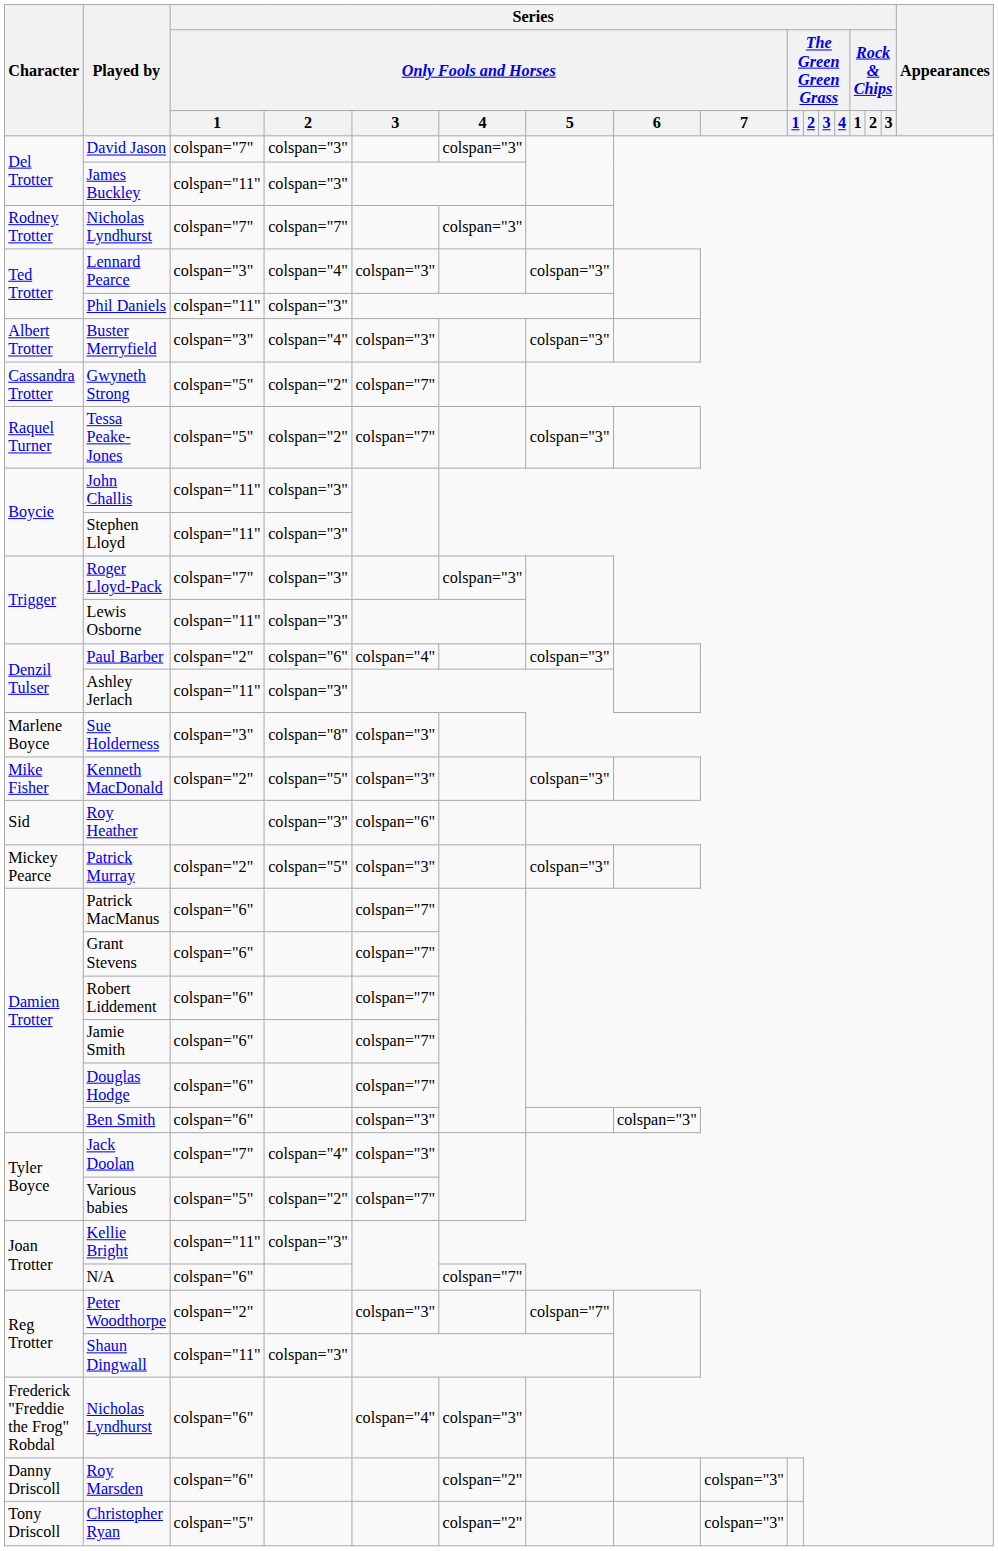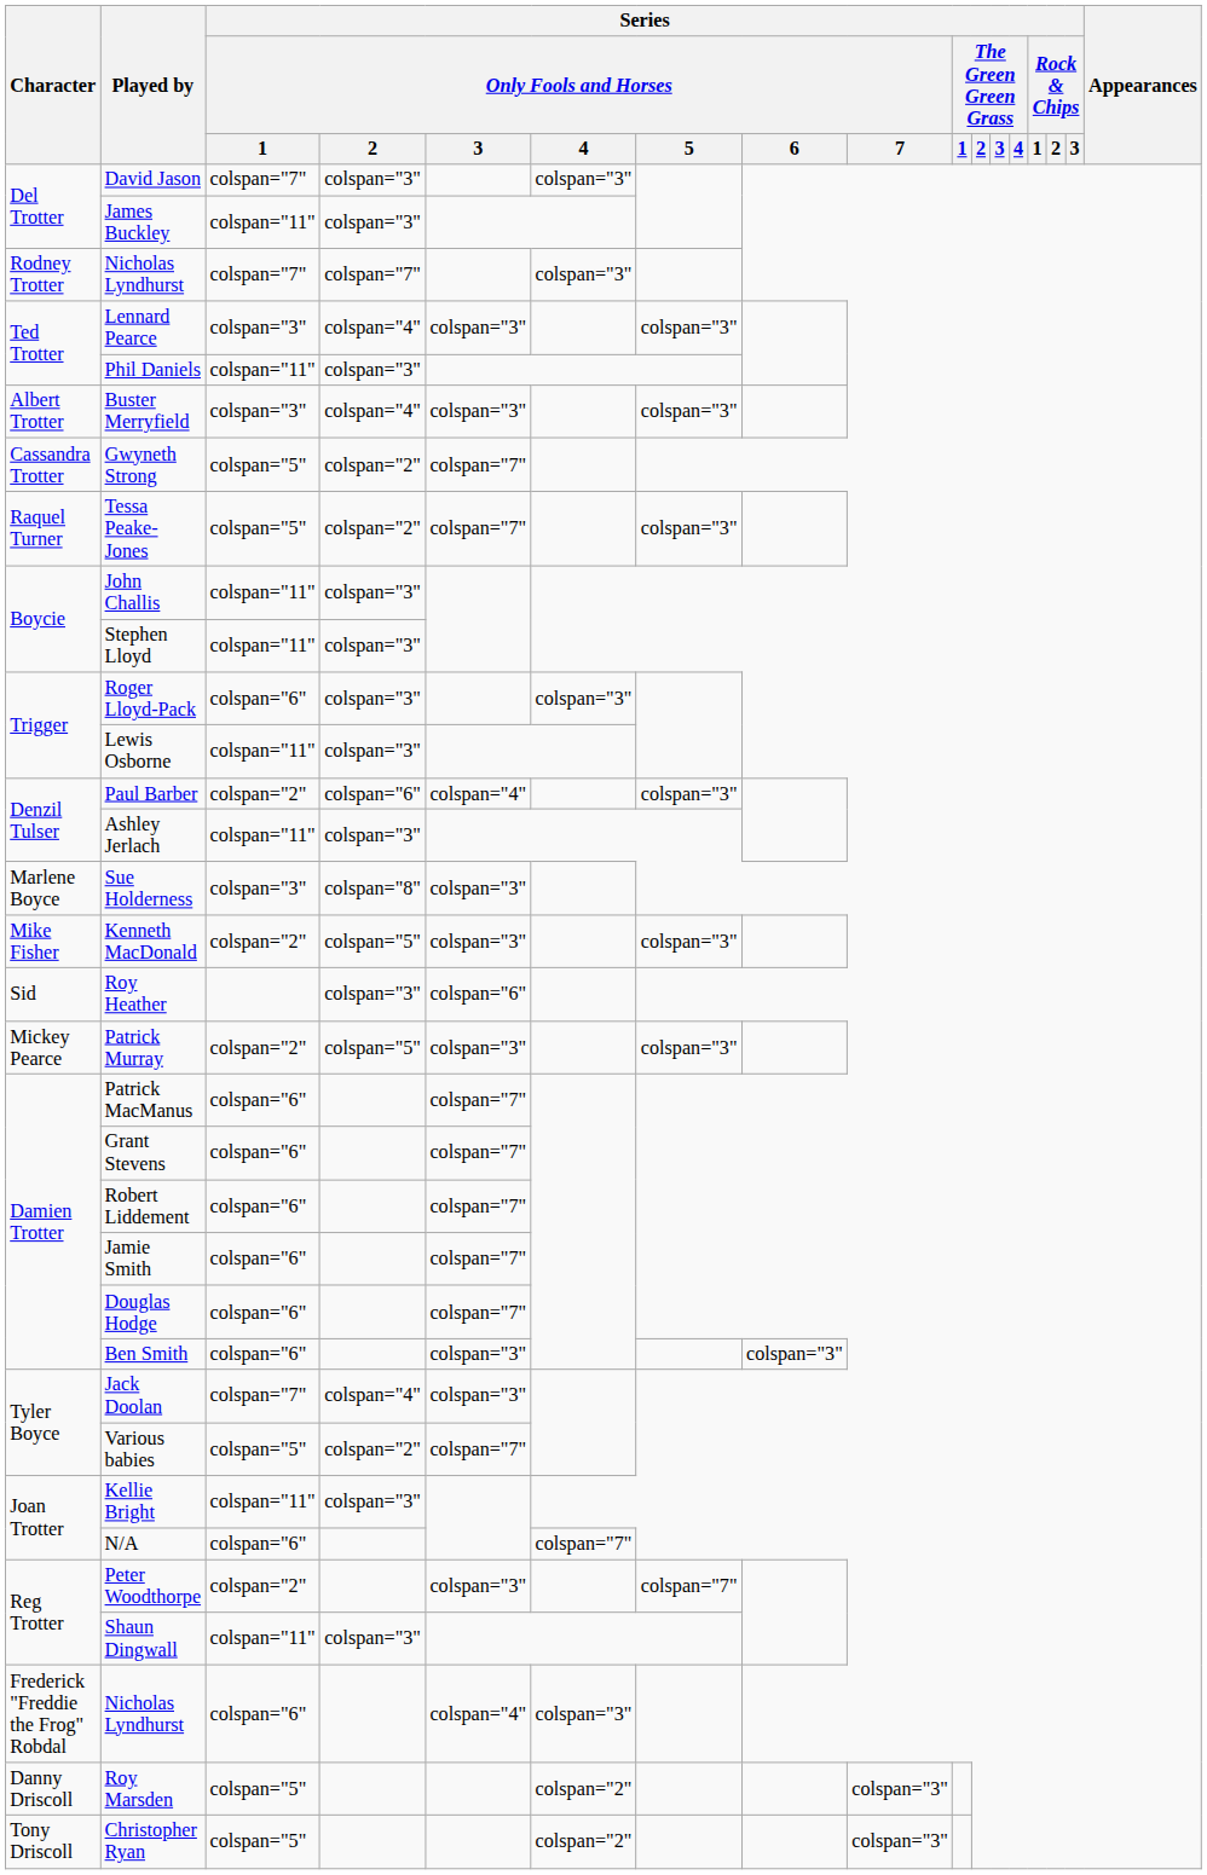 <table class="wikitable planrowheaders" style="width: 90%; margin-right: 0;">
 <tr>
 <th rowspan="3" width="22%">Character</th>
 <th rowspan="3" width="22%">Played by</th>
 <th colspan="14" width="56%">Series</th>
 <th rowspan="3">Appearances</th>
 </tr>
 <tr>
 <th colspan="7"><em><a href='#'>Only Fools and Horses</a></em></th>
 <th colspan="4"><em><a href='#'>The Green Green Grass</a></em></th>
 <th colspan="3"><em><a href='#'>Rock & Chips</a></em></th>
 </tr>
 <tr>
 <th width="4%">1</th>
 <th width="4%">2</th>
 <th width="4%">3</th>
 <th width="4%">4</th>
 <th width="4%">5</th>
 <th width="4%">6</th>
 <th width="4%">7</th>
 <th width="4%"><a href='#'>1</a></th>
 <th width="4%"><a href='#'>2</a></th>
 <th width="4%"><a href='#'>3</a></th>
 <th width="4%"><a href='#'>4</a></th>
 <th width="4%">1</th>
 <th width="4%">2</th>
 <th width="4%">3</th>
 </tr>
 <tr>
 <td rowspan="2"><a href='#'>Del Trotter</a></td>
 <td><a href='#'>David Jason</a></td>
 <td>colspan="7" </td>
 <td>colspan="3" </td>
 <td></td>
 <td>colspan="3" </td>
 <td rowspan="2"></td>
 </tr>
 <tr>
 <td><a href='#'>James Buckley</a></td>
 <td>colspan="11" </td>
 <td>colspan="3" </td>
 </tr>
 <tr>
 <td><a href='#'>Rodney Trotter</a></td>
 <td><a href='#'>Nicholas Lyndhurst</a></td>
 <td>colspan="7" </td>
 <td>colspan="7" </td>
 <td></td>
 <td>colspan="3" </td>
 <td></td>
 </tr>
 <tr>
 <td rowspan="2"><a href='#'>Ted Trotter</a></td>
 <td><a href='#'>Lennard Pearce</a></td>
 <td>colspan="3" </td>
 <td>colspan="4" </td>
 <td>colspan="3" </td>
 <td></td>
 <td>colspan="3" </td>
 <td rowspan="2"></td>
 </tr>
 <tr>
 <td><a href='#'>Phil Daniels</a></td>
 <td>colspan="11" </td>
 <td>colspan="3" </td>
 </tr>
 <tr>
 <td><a href='#'>Albert Trotter</a></td>
 <td><a href='#'>Buster Merryfield</a></td>
 <td>colspan="3" </td>
 <td>colspan="4" </td>
 <td>colspan="3" </td>
 <td></td>
 <td>colspan="3" </td>
 <td></td>
 </tr>
 <tr>
 <td><a href='#'>Cassandra Trotter</a></td>
 <td><a href='#'>Gwyneth Strong</a></td>
 <td>colspan="5" </td>
 <td>colspan="2" </td>
 <td>colspan="7" </td>
 <td></td>
 </tr>
 <tr>
 <td><a href='#'>Raquel Turner</a></td>
 <td><a href='#'>Tessa Peake-Jones</a></td>
 <td>colspan="5" </td>
 <td>colspan="2" </td>
 <td>colspan="7" </td>
 <td></td>
 <td>colspan="3" </td>
 <td></td>
 </tr>
 <tr>
 <td rowspan="2"><a href='#'>Boycie</a></td>
 <td><a href='#'>John Challis</a></td>
 <td>colspan="11" </td>
 <td>colspan="3" </td>
 <td rowspan="2"></td>
 </tr>
 <tr>
 <td>Stephen Lloyd</td>
 <td>colspan="11" </td>
 <td>colspan="3" </td>
 </tr>
 <tr>
 <td rowspan="2"><a href='#'>Trigger</a></td>
 <td><a href='#'>Roger Lloyd-Pack</a></td>
-<td>colspan="7" </td>
+<td>colspan="6" </td>
 <td>colspan="3" </td>
 <td></td>
 <td>colspan="3" </td>
 <td rowspan="2"></td>
 </tr>
 <tr>
 <td>Lewis Osborne</td>
 <td>colspan="11" </td>
 <td>colspan="3" </td>
 </tr>
 <tr>
 <td rowspan="2"><a href='#'>Denzil Tulser</a></td>
 <td><a href='#'>Paul Barber</a></td>
 <td>colspan="2" </td>
 <td>colspan="6" </td>
 <td>colspan="4" </td>
 <td></td>
 <td>colspan="3" </td>
 <td rowspan="2"></td>
 </tr>
 <tr>
 <td>Ashley Jerlach</td>
 <td>colspan="11" </td>
 <td>colspan="3" </td>
 </tr>
 <tr>
 <td>Marlene Boyce</td>
 <td><a href='#'>Sue Holderness</a></td>
 <td>colspan="3" </td>
 <td>colspan="8" </td>
 <td>colspan="3" </td>
 <td></td>
 </tr>
 <tr>
 <td><a href='#'>Mike Fisher</a></td>
 <td><a href='#'>Kenneth MacDonald</a></td>
 <td>colspan="2" </td>
 <td>colspan="5" </td>
 <td>colspan="3" </td>
 <td></td>
 <td>colspan="3" </td>
 <td></td>
 </tr>
 <tr>
 <td>Sid</td>
 <td><a href='#'>Roy Heather</a></td>
 <td></td>
 <td>colspan="3" </td>
 <td>colspan="6" </td>
 <td></td>
 </tr>
 <tr>
 <td>Mickey Pearce</td>
 <td><a href='#'>Patrick Murray</a></td>
 <td>colspan="2" </td>
 <td>colspan="5" </td>
 <td>colspan="3" </td>
 <td></td>
 <td>colspan="3" </td>
 <td></td>
 </tr>
 <tr>
 <td rowspan="6"><a href='#'>Damien Trotter</a></td>
 <td>Patrick MacManus</td>
 <td>colspan="6" </td>
 <td></td>
 <td>colspan="7" </td>
 <td rowspan="6"></td>
 </tr>
 <tr>
 <td>Grant Stevens</td>
 <td>colspan="6" </td>
 <td></td>
 <td>colspan="7" </td>
 </tr>
 <tr>
 <td>Robert Liddement</td>
 <td>colspan="6" </td>
 <td></td>
 <td>colspan="7" </td>
 </tr>
 <tr>
 <td>Jamie Smith</td>
 <td>colspan="6" </td>
 <td></td>
 <td>colspan="7" </td>
 </tr>
 <tr>
 <td><a href='#'>Douglas Hodge</a></td>
 <td>colspan="6" </td>
 <td></td>
 <td>colspan="7" </td>
 </tr>
 <tr>
 <td><a href='#'>Ben Smith</a></td>
 <td>colspan="6" </td>
 <td></td>
 <td>colspan="3" </td>
 <td></td>
 <td>colspan="3" </td>
 </tr>
 <tr>
 <td rowspan="2">Tyler Boyce</td>
 <td><a href='#'>Jack Doolan</a></td>
 <td>colspan="7" </td>
 <td>colspan="4" </td>
 <td>colspan="3" </td>
 <td rowspan="2"></td>
 </tr>
 <tr>
 <td>Various babies</td>
 <td>colspan="5" </td>
 <td>colspan="2" </td>
 <td>colspan="7" </td>
 </tr>
 <tr>
 <td rowspan="2">Joan Trotter</td>
 <td><a href='#'>Kellie Bright</a></td>
 <td>colspan="11" </td>
 <td>colspan="3" </td>
 <td rowspan="2"></td>
 </tr>
 <tr>
 <td>N/A</td>
 <td>colspan="6" </td>
 <td></td>
 <td>colspan="7" </td>
 </tr>
 <tr>
 <td rowspan="2">Reg Trotter</td>
 <td><a href='#'>Peter Woodthorpe</a></td>
 <td>colspan="2" </td>
 <td></td>
 <td>colspan="3" </td>
 <td></td>
 <td>colspan="7" </td>
 <td rowspan="2"></td>
 </tr>
 <tr>
 <td><a href='#'>Shaun Dingwall</a></td>
 <td>colspan="11" </td>
 <td>colspan="3" </td>
 </tr>
 <tr>
 <td>Frederick "Freddie the Frog" Robdal</td>
 <td><a href='#'>Nicholas Lyndhurst</a></td>
 <td>colspan="6" </td>
 <td></td>
 <td>colspan="4" </td>
 <td>colspan="3" </td>
 <td></td>
 </tr>
 <tr>
 <td>Danny Driscoll</td>
 <td><a href='#'>Roy Marsden</a></td>
-<td>colspan="6" </td>
+<td>colspan="5" </td>
 <td></td>
 <td></td>
 <td>colspan="2" </td>
 <td></td>
 <td></td>
 <td>colspan="3" </td>
 <td></td>
 </tr>
 <tr>
 <td>Tony Driscoll</td>
 <td><a href='#'>Christopher Ryan</a></td>
 <td>colspan="5" </td>
 <td></td>
 <td></td>
 <td>colspan="2" </td>
 <td></td>
 <td></td>
 <td>colspan="3" </td>
 <td></td>
 </tr>
 </table>
